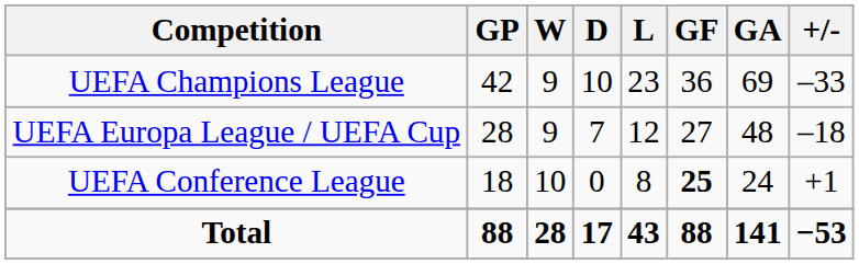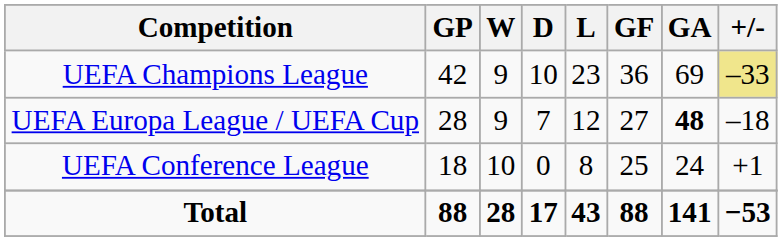 <table class="wikitable" style="text-align:center">
 <tr>
 <th>Competition</th>
 <th>GP</th>
 <th>W</th>
 <th>D</th>
 <th>L</th>
 <th>GF</th>
 <th>GA</th>
 <th>+/-</th>
 </tr>
 <tr>
 <td><a href='#'>UEFA Champions League</a></td>
 <td>42</td>
 <td>9</td>
 <td>10</td>
 <td>23</td>
 <td>36</td>
 <td>69</td>
-<td>–33</td>
+<td style="background: khaki;">–33</td>
 </tr>
 <tr>
 <td><a href='#'>UEFA Europa League / UEFA Cup</a></td>
 <td>28</td>
 <td>9</td>
 <td>7</td>
 <td>12</td>
 <td>27</td>
-<td>48</td>
+<td><strong>48</strong></td>
 <td>–18</td>
 </tr>
 <tr>
 <td><a href='#'>UEFA Conference League</a></td>
 <td>18</td>
 <td>10</td>
 <td>0</td>
 <td>8</td>
-<td><strong>25</strong></td>
+<td>25</td>
 <td>24</td>
 <td>+1</td>
 </tr>
 <tr>
 </tr>
 <tr class="unsortable">
 <td><strong>Total</strong></td>
 <td><strong>88</strong></td>
 <td><strong>28</strong></td>
 <td><strong>17</strong></td>
 <td><strong>43</strong></td>
 <td><strong>88</strong></td>
 <td><strong>141</strong></td>
 <td><strong>−53</strong></td>
 </tr>
 </table>
